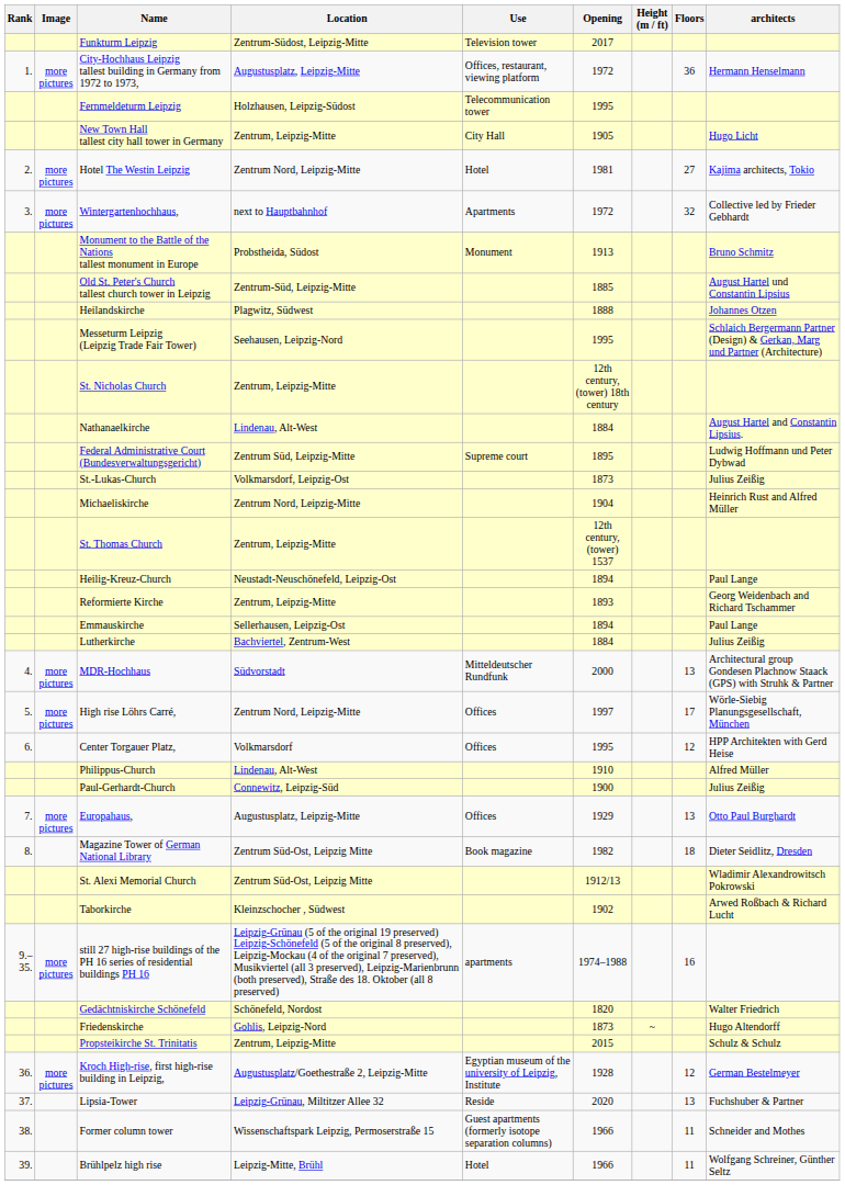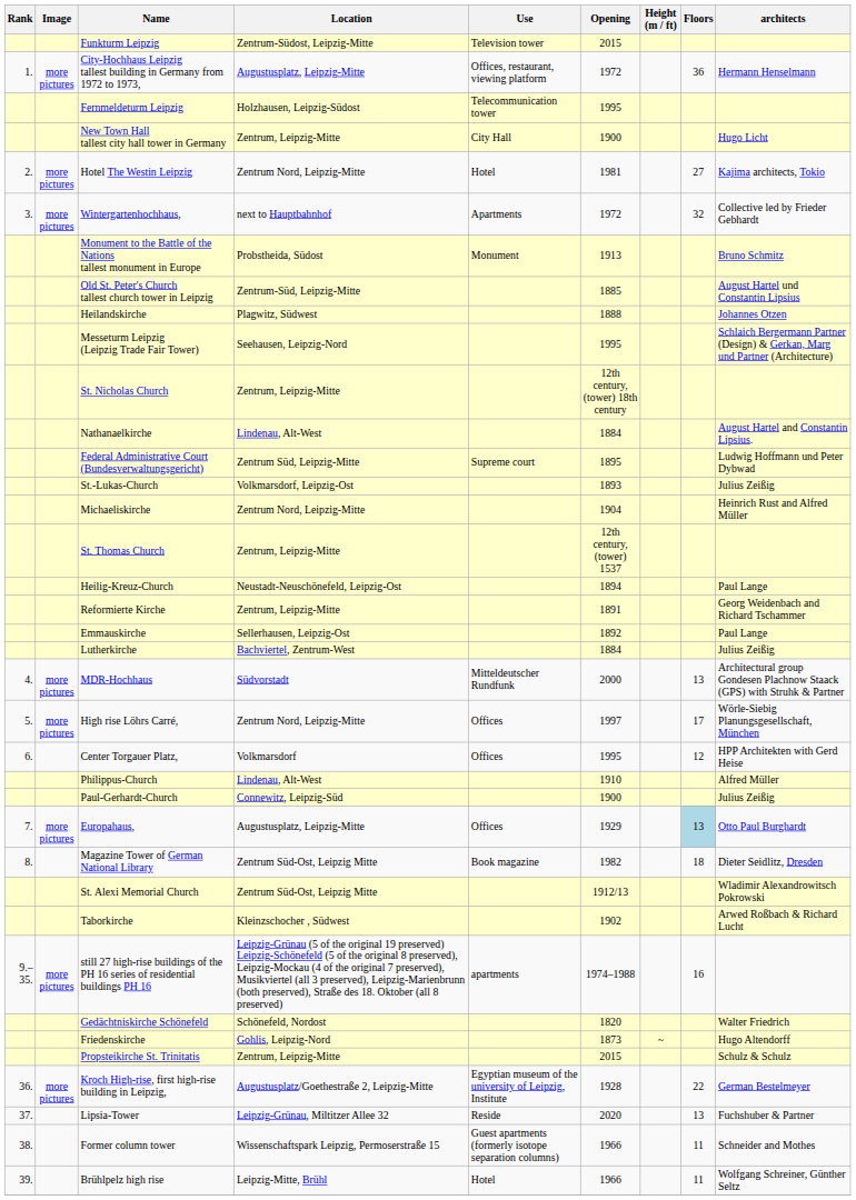 <table class="wikitable sortable" style="text-align: center;">
 <tr>
 <th>Rank</th>
 <th class="unsortable">Image</th>
 <th>Name</th>
 <th>Location</th>
 <th>Use</th>
 <th>Opening</th>
 <th>Height (m / ft)</th>
 <th>Floors</th>
 <th align="left">architects</th>
 </tr>
 <tr style="background: #ffffcc">
 <td align="right"></td>
 <td></td>
 <td align="left"><a href='#'>Funkturm Leipzig</a></td>
 <td align="left">Zentrum-Südost, Leipzig-Mitte</td>
 <td align="left">Television tower</td>
-<td>2017</td>
+<td>2015</td>
 <td></td>
 <td></td>
 <td align="left"></td>
 </tr>
 <tr>
 <td align="right">1.</td>
 <td><br><a href='#'>more pictures</a></td>
 <td align="left"><a href='#'>City-Hochhaus Leipzig</a> <br>tallest building in Germany from 1972 to 1973,</td>
 <td align="left"><a href='#'>Augustusplatz</a>, <a href='#'>Leipzig-Mitte</a></td>
 <td align="left">Offices, restaurant, viewing platform</td>
 <td>1972</td>
 <td></td>
 <td>36</td>
 <td align="left"><a href='#'>Hermann Henselmann</a></td>
 </tr>
 <tr style="background: #ffffcc">
 <td align="right"></td>
 <td></td>
 <td align="left"><a href='#'>Fernmeldeturm Leipzig</a></td>
 <td align="left">Holzhausen, Leipzig-Südost</td>
 <td align="left">Telecommunication tower</td>
 <td>1995</td>
 <td></td>
 <td></td>
 <td align="left"></td>
 </tr>
 <tr style="background: #ffffcc">
 <td align="right"></td>
 <td></td>
 <td align="left"><a href='#'>New Town Hall</a>  <br>tallest city hall tower in Germany</td>
 <td align="left">Zentrum, Leipzig-Mitte</td>
 <td align="left">City Hall</td>
-<td>1905</td>
+<td>1900</td>
 <td></td>
 <td></td>
 <td align="left"><a href='#'>Hugo Licht</a></td>
 </tr>
 <tr>
 <td align="right">2.</td>
 <td><br><a href='#'>more pictures</a></td>
 <td align="left">Hotel <a href='#'>The Westin Leipzig</a></td>
 <td align="left">Zentrum Nord, Leipzig-Mitte</td>
 <td align="left">Hotel</td>
 <td>1981</td>
 <td></td>
 <td>27</td>
 <td align="left"><a href='#'>Kajima</a> architects, <a href='#'>Tokio</a></td>
 </tr>
 <tr>
 <td align="right">3.</td>
 <td><br><a href='#'>more pictures</a></td>
 <td align="left"><a href='#'>Wintergartenhochhaus</a>,</td>
 <td align="left">next to <a href='#'>Hauptbahnhof</a></td>
 <td align="left">Apartments</td>
 <td>1972</td>
 <td></td>
 <td>32</td>
 <td align="left">Collective led by Frieder Gebhardt</td>
 </tr>
 <tr style="background: #ffffcc">
 <td align="right"></td>
 <td></td>
 <td align="left"><a href='#'>Monument to the Battle of the Nations</a>  <br>tallest monument in Europe</td>
 <td align="left">Probstheida, Südost</td>
 <td align="left">Monument</td>
 <td>1913</td>
 <td></td>
 <td></td>
 <td align="left"><a href='#'>Bruno Schmitz</a></td>
 </tr>
 <tr style="background: #ffffcc">
 <td align="right"></td>
 <td></td>
 <td align="left"><a href='#'>Old St. Peter's Church</a>  <br>tallest church tower in Leipzig</td>
 <td align="left">Zentrum-Süd, Leipzig-Mitte</td>
 <td align="left"></td>
 <td>1885</td>
 <td></td>
 <td></td>
 <td align="left"><a href='#'>August Hartel</a> und <a href='#'>Constantin Lipsius</a></td>
 </tr>
 <tr style="background: #ffffcc">
 <td align="right"></td>
 <td></td>
 <td align="left">Heilandskirche</td>
 <td align="left">Plagwitz, Südwest</td>
 <td align="left"></td>
 <td>1888</td>
 <td></td>
 <td></td>
 <td align="left"><a href='#'>Johannes Otzen</a></td>
 </tr>
 <tr style="background: #ffffcc">
 <td align="right"></td>
 <td></td>
 <td align="left">Messeturm Leipzig <br>(Leipzig Trade Fair Tower)</td>
 <td align="left">Seehausen, Leipzig-Nord</td>
 <td align="left"></td>
 <td>1995</td>
 <td></td>
 <td></td>
 <td align="left"><a href='#'>Schlaich Bergermann Partner</a> (Design) & <a href='#'>Gerkan, Marg und Partner</a> (Architecture)</td>
 </tr>
 <tr style="background: #ffffcc">
 <td align="right"></td>
 <td></td>
 <td align="left"><a href='#'>St. Nicholas Church</a></td>
 <td align="left">Zentrum, Leipzig-Mitte</td>
 <td align="left"></td>
 <td>12th century, (tower) 18th century</td>
 <td></td>
 <td></td>
 <td align="left"></td>
 </tr>
 <tr style="background: #ffffcc">
 <td align="right"></td>
 <td></td>
 <td align="left">Nathanaelkirche</td>
 <td align="left"><a href='#'>Lindenau</a>, Alt-West</td>
 <td align="left"></td>
 <td>1884</td>
 <td></td>
 <td></td>
 <td align="left"><a href='#'>August Hartel</a> and <a href='#'>Constantin Lipsius</a>.</td>
 </tr>
 <tr style="background: #ffffcc">
 <td align="right"></td>
 <td></td>
 <td align="left"><a href='#'> Federal Administrative Court (Bundesverwaltungsgericht)</a></td>
 <td align="left">Zentrum Süd, Leipzig-Mitte</td>
 <td align="left">Supreme court</td>
 <td>1895</td>
 <td></td>
 <td></td>
 <td align="left">Ludwig Hoffmann und Peter Dybwad</td>
 </tr>
 <tr style="background: #ffffcc">
 <td align="right"></td>
 <td></td>
 <td align="left">St.-Lukas-Church</td>
 <td align="left">Volkmarsdorf, Leipzig-Ost</td>
 <td align="left"></td>
-<td>1873</td>
+<td>1893</td>
 <td></td>
 <td></td>
 <td align="left">Julius Zeißig</td>
 </tr>
 <tr style="background: #ffffcc">
 <td align="right"></td>
 <td></td>
 <td align="left">Michaeliskirche</td>
 <td align="left">Zentrum Nord, Leipzig-Mitte</td>
 <td align="left"></td>
 <td>1904</td>
 <td></td>
 <td></td>
 <td align="left">Heinrich Rust and Alfred Müller</td>
 </tr>
 <tr style="background: #ffffcc">
 <td align="right"></td>
 <td></td>
 <td align="left"><a href='#'>St. Thomas Church</a></td>
 <td align="left">Zentrum, Leipzig-Mitte</td>
 <td align="left"></td>
 <td>12th century, (tower) 1537</td>
 <td></td>
 <td></td>
 <td align="left"></td>
 </tr>
 <tr style="background: #ffffcc">
 <td align="right"></td>
 <td></td>
 <td align="left">Heilig-Kreuz-Church</td>
 <td align="left">Neustadt-Neuschönefeld, Leipzig-Ost</td>
 <td align="left"></td>
 <td>1894</td>
 <td></td>
 <td></td>
 <td align="left">Paul Lange</td>
 </tr>
 <tr style="background: #ffffcc">
 <td align="right"></td>
 <td></td>
 <td align="left">Reformierte Kirche</td>
 <td align="left">Zentrum, Leipzig-Mitte</td>
 <td align="left"></td>
-<td>1893</td>
+<td>1891</td>
 <td></td>
 <td></td>
 <td align="left">Georg Weidenbach and Richard Tschammer</td>
 </tr>
 <tr style="background: #ffffcc">
 <td align="right"></td>
 <td></td>
 <td align="left">Emmauskirche</td>
 <td align="left">Sellerhausen, Leipzig-Ost</td>
 <td align="left"></td>
-<td>1894</td>
+<td>1892</td>
 <td></td>
 <td></td>
 <td align="left">Paul Lange</td>
 </tr>
 <tr style="background: #ffffcc">
 <td align="right"></td>
 <td></td>
 <td align="left">Lutherkirche</td>
 <td align="left"><a href='#'>Bachviertel</a>, Zentrum-West</td>
 <td align="left"></td>
 <td>1884</td>
 <td></td>
 <td></td>
 <td align="left">Julius Zeißig</td>
 </tr>
 <tr>
 <td align="right">4.</td>
 <td><br><a href='#'>more pictures</a></td>
 <td align="left"><a href='#'>MDR-Hochhaus</a></td>
 <td align="left"><a href='#'>Südvorstadt</a></td>
 <td align="left">Mitteldeutscher Rundfunk</td>
 <td>2000</td>
 <td></td>
 <td>13</td>
 <td align="left">Architectural group Gondesen Plachnow Staack (GPS) with Struhk & Partner</td>
 </tr>
 <tr>
 <td align="right">5.</td>
 <td><br><a href='#'>more pictures</a></td>
 <td align="left">High rise Löhrs Carré,</td>
 <td align="left">Zentrum Nord, Leipzig-Mitte</td>
 <td align="left">Offices</td>
 <td>1997</td>
 <td></td>
 <td>17</td>
 <td align="left">Wörle-Siebig Planungsgesellschaft, <a href='#'>München</a></td>
 </tr>
 <tr>
 <td align="right">6.</td>
 <td></td>
 <td align="left">Center Torgauer Platz,</td>
 <td align="left">Volkmarsdorf</td>
 <td align="left">Offices</td>
 <td>1995</td>
 <td></td>
 <td>12</td>
 <td align="left">HPP Architekten with Gerd Heise</td>
 </tr>
 <tr style="background: #ffffcc">
 <td align="right"></td>
 <td></td>
 <td align="left">Philippus-Church</td>
 <td align="left"><a href='#'>Lindenau</a>, Alt-West</td>
 <td align="left"></td>
 <td>1910</td>
 <td></td>
 <td></td>
 <td align="left">Alfred Müller</td>
 </tr>
 <tr style="background: #ffffcc">
 <td align="right"></td>
 <td></td>
 <td align="left">Paul-Gerhardt-Church</td>
 <td align="left"><a href='#'>Connewitz</a>, Leipzig-Süd</td>
 <td align="left"></td>
 <td>1900</td>
 <td></td>
 <td></td>
 <td align="left">Julius Zeißig</td>
 </tr>
 <tr>
 <td align="right">7.</td>
 <td><br><a href='#'>more pictures</a></td>
 <td align="left"><a href='#'>Europahaus</a>,</td>
 <td align="left">Augustusplatz, Leipzig-Mitte</td>
 <td align="left">Offices</td>
 <td>1929</td>
 <td></td>
-<td>13</td>
+<td style="background: lightblue;">13</td>
 <td align="left"><a href='#'>Otto Paul Burghardt</a></td>
 </tr>
 <tr>
 <td align="right">8.</td>
 <td></td>
 <td align="left">Magazine Tower of <a href='#'>German National Library</a></td>
 <td align="left">Zentrum Süd-Ost, Leipzig Mitte</td>
 <td align="left">Book magazine</td>
 <td>1982</td>
 <td></td>
 <td>18</td>
 <td align="left">Dieter Seidlitz, <a href='#'>Dresden</a></td>
 </tr>
 <tr style="background: #ffffcc">
 <td align="right"></td>
 <td></td>
 <td align="left">St. Alexi Memorial Church</td>
 <td align="left">Zentrum Süd-Ost, Leipzig Mitte</td>
 <td align="left"></td>
 <td>1912/13</td>
 <td></td>
 <td></td>
 <td align="left">Wladimir Alexandrowitsch Pokrowski</td>
 </tr>
 <tr style="background: #ffffcc">
 <td align="right"></td>
 <td></td>
 <td align="left">Taborkirche</td>
 <td align="left">Kleinzschocher , Südwest</td>
 <td align="left"></td>
 <td>1902</td>
 <td></td>
 <td></td>
 <td align="left">Arwed Roßbach & Richard Lucht</td>
 </tr>
 <tr>
 <td align="right">9.–35.</td>
 <td><br><a href='#'>more pictures</a></td>
 <td align="left">still 27 high-rise buildings of the PH 16 series of residential buildings <a href='#'>PH 16</a></td>
 <td align="left"><a href='#'>Leipzig-Grünau</a> (5 of the original 19 preserved)<br><a href='#'>Leipzig-Schönefeld</a> (5 of the original 8 preserved), Leipzig-Mockau (4 of the original 7 preserved), Musikviertel (all 3 preserved), Leipzig-Marienbrunn (both preserved), Straße des 18. Oktober (all 8 preserved)</td>
 <td align="left">apartments</td>
 <td>1974–1988</td>
 <td></td>
 <td>16</td>
 <td align="left"></td>
 </tr>
 <tr style="background: #ffffcc">
 <td align="right"></td>
 <td></td>
 <td align="left"><a href='#'>Gedächtniskirche Schönefeld</a></td>
 <td align="left">Schönefeld, Nordost</td>
 <td align="left"></td>
 <td>1820</td>
 <td></td>
 <td></td>
 <td align="left">Walter Friedrich</td>
 </tr>
 <tr style="background: #ffffcc">
 <td align="right"></td>
 <td></td>
 <td align="left">Friedenskirche</td>
 <td align="left"><a href='#'>Gohlis</a>, Leipzig-Nord</td>
 <td align="left"></td>
 <td>1873</td>
 <td>~</td>
 <td></td>
 <td align="left">Hugo Altendorff</td>
 </tr>
 <tr style="background: #ffffcc">
 <td align="right"></td>
 <td></td>
 <td align="left"><a href='#'>Propsteikirche St. Trinitatis</a></td>
 <td align="left">Zentrum, Leipzig-Mitte</td>
 <td align="left"></td>
 <td>2015</td>
 <td></td>
 <td></td>
 <td align="left">Schulz & Schulz</td>
 </tr>
 <tr>
 <td align="right">36.</td>
 <td><br><a href='#'>more pictures</a></td>
 <td align="left"><a href='#'>Kroch High-rise</a>, first high-rise building in Leipzig,</td>
 <td align="left"><a href='#'>Augustusplatz</a>/Goethestraße 2, Leipzig-Mitte</td>
 <td align="left">Egyptian museum of the <a href='#'>university of Leipzig</a>, Institute</td>
 <td>1928</td>
 <td></td>
-<td>12</td>
+<td>22</td>
 <td align="left"><a href='#'>German Bestelmeyer</a></td>
 </tr>
 <tr>
 <td align="right">37.</td>
 <td></td>
 <td align="left">Lipsia-Tower</td>
 <td align="left"><a href='#'>Leipzig-Grünau</a>, Miltitzer Allee 32</td>
 <td align="left">Reside</td>
 <td>2020</td>
 <td></td>
 <td>13</td>
 <td align="left">Fuchshuber & Partner</td>
 </tr>
 <tr>
 <td align="right">38.</td>
 <td></td>
 <td align="left">Former column tower</td>
 <td align="left">Wissenschaftspark Leipzig, Permoserstraße 15</td>
 <td align="left">Guest apartments<br>(formerly isotope separation columns)</td>
 <td>1966</td>
 <td></td>
 <td>11</td>
 <td align="left">Schneider and Mothes</td>
 </tr>
 <tr>
 <td align="right">39.</td>
 <td></td>
 <td align="left">Brühlpelz high rise</td>
 <td align="left">Leipzig-Mitte, <a href='#'>Brühl</a></td>
 <td align="left">Hotel</td>
 <td>1966</td>
 <td></td>
 <td>11</td>
 <td align="left">Wolfgang Schreiner, Günther Seltz</td>
 </tr>
 <tr>
 </tr>
 </table>
